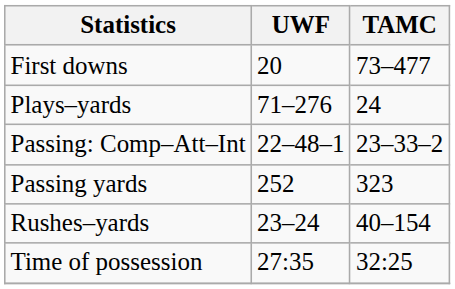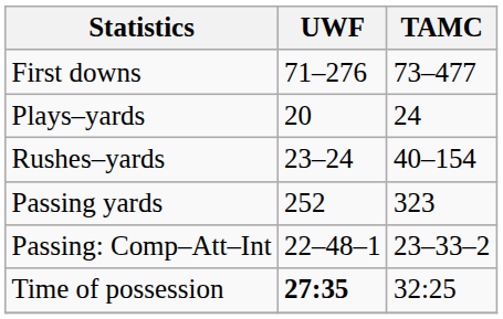 <table class="wikitable" style="float: left;">
 <tr>
 <th>Statistics</th>
 <th>UWF</th>
 <th>TAMC</th>
 </tr>
 <tr>
 <td>First downs</td>
-<td>20</td>
+<td>71–276</td>
 <td>73–477</td>
 </tr>
 <tr>
 <td>Plays–yards</td>
-<td>71–276</td>
+<td>20</td>
 <td>24</td>
+</tr>
+<tr>
+<td>Rushes–yards</td>
+<td>23–24</td>
+<td>40–154</td>
+</tr>
+<tr>
+<td>Passing yards</td>
+<td>252</td>
+<td>323</td>
 </tr>
 <tr>
 <td>Passing: Comp–Att–Int</td>
 <td>22–48–1</td>
 <td>23–33–2</td>
 </tr>
 <tr>
-<td>Passing yards</td>
-<td>252</td>
-<td>323</td>
-</tr>
-<tr>
-<td>Rushes–yards</td>
-<td>23–24</td>
-<td>40–154</td>
-</tr>
-<tr>
 <td>Time of possession</td>
-<td>27:35</td>
+<td><strong>27:35</strong></td>
 <td>32:25</td>
 </tr>
 <tr>
 </tr>
 </table>
